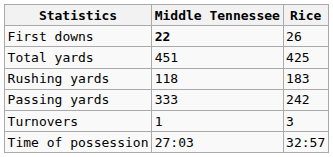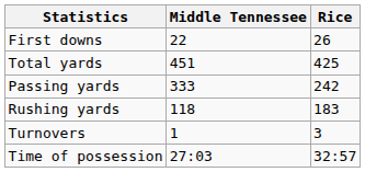 <table class="wikitable">
 <tr>
 <th>Statistics</th>
 <th>Middle Tennessee</th>
 <th>Rice</th>
 </tr>
 <tr>
 <td>First downs</td>
-<td><strong>22</strong></td>
+<td>22</td>
 <td>26</td>
 </tr>
 <tr>
 <td>Total yards</td>
 <td>451</td>
 <td>425</td>
 </tr>
 <tr>
+<td>Passing yards</td>
+<td>333</td>
+<td>242</td>
+</tr>
+<tr>
 <td>Rushing yards</td>
 <td>118</td>
 <td>183</td>
-</tr>
-<tr>
-<td>Passing yards</td>
-<td>333</td>
-<td>242</td>
 </tr>
 <tr>
 <td>Turnovers</td>
 <td>1</td>
 <td>3</td>
 </tr>
 <tr>
 <td>Time of possession</td>
 <td>27:03</td>
 <td>32:57</td>
 </tr>
 <tr>
 </tr>
 </table>
